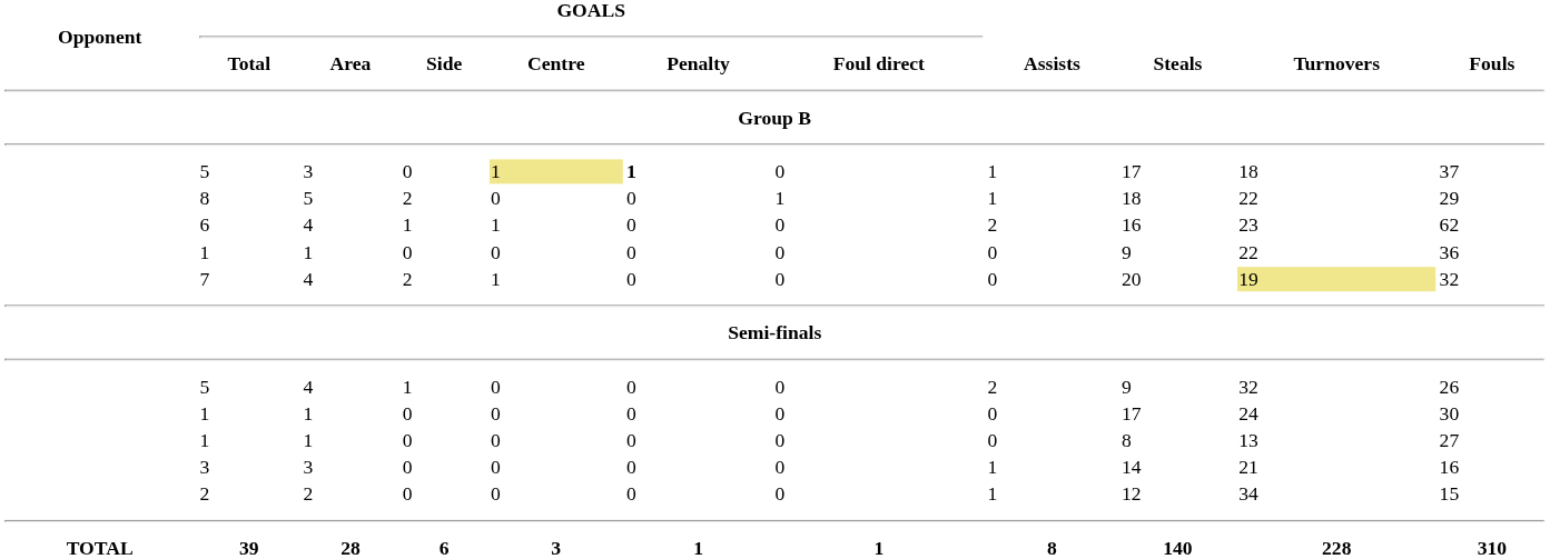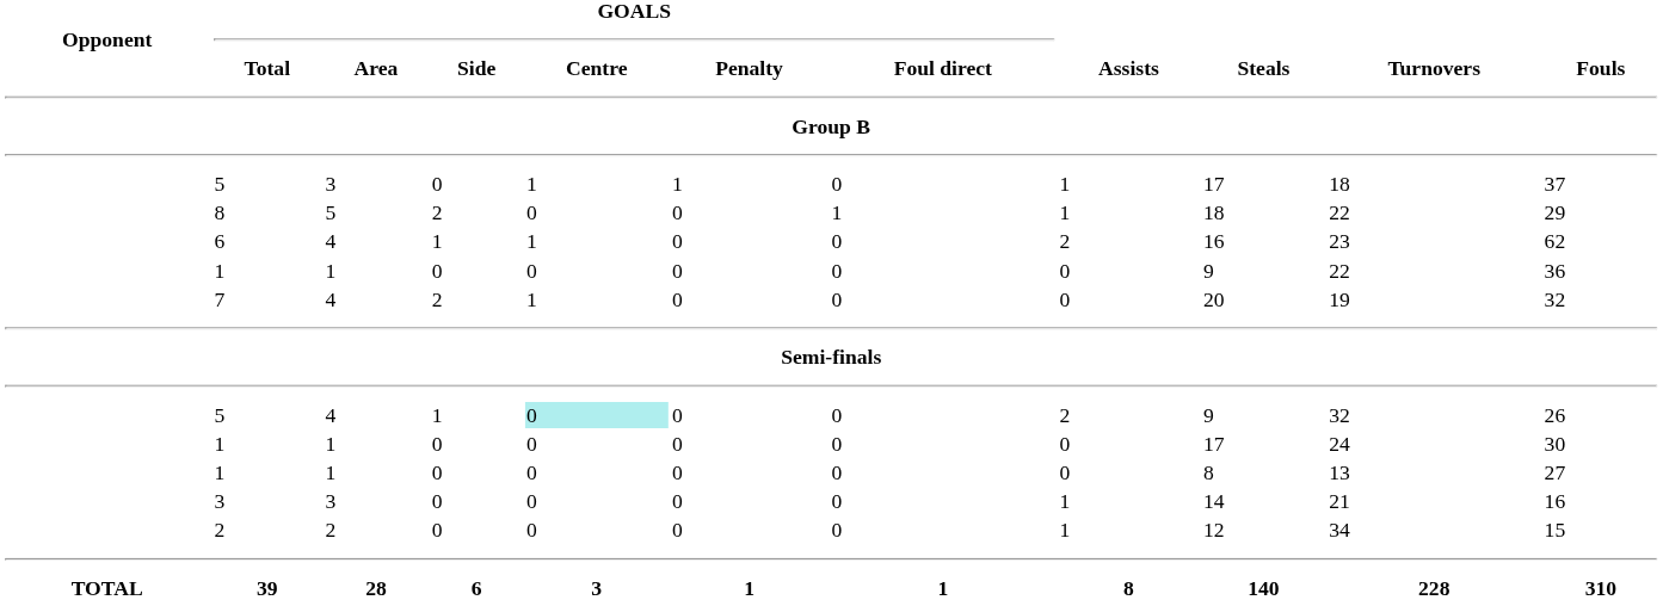 <table border=0 width=100%>
 <tr>
 <th rowspan=3>Opponent</th>
 <th align=center colspan=6 valign=bottom>GOALS</th>
 <th rowspan=3 valign=bottom>Assists</th>
 <th rowspan=3 valign=bottom>Steals</th>
 <th rowspan=3 valign=bottom>Turnovers</th>
 <th rowspan=3 valign=bottom>Fouls</th>
 </tr>
 <tr>
 <th colspan=6><hr></th>
 </tr>
 <tr>
 <th>Total</th>
 <th>Area</th>
 <th>Side</th>
 <th>Centre</th>
 <th>Penalty</th>
 <th>Foul direct</th>
 </tr>
 <tr>
 <th colspan=11><hr></th>
 </tr>
 <tr>
 <th colspan=11>Group B</th>
 </tr>
 <tr>
 <th colspan=11><hr></th>
 </tr>
 <tr>
 <td></td>
 <td>5</td>
 <td>3</td>
 <td>0</td>
-<td style="background: khaki;">1</td>
-<td><strong>1</strong></td>
+<td>1</td>
+<td>1</td>
 <td>0</td>
 <td>1</td>
 <td>17</td>
 <td>18</td>
 <td>37</td>
 </tr>
 <tr>
 <td></td>
 <td>8</td>
 <td>5</td>
 <td>2</td>
 <td>0</td>
 <td>0</td>
 <td>1</td>
 <td>1</td>
 <td>18</td>
 <td>22</td>
 <td>29</td>
 </tr>
 <tr>
 <td></td>
 <td>6</td>
 <td>4</td>
 <td>1</td>
 <td>1</td>
 <td>0</td>
 <td>0</td>
 <td>2</td>
 <td>16</td>
 <td>23</td>
 <td>62</td>
 </tr>
 <tr>
 <td></td>
 <td>1</td>
 <td>1</td>
 <td>0</td>
 <td>0</td>
 <td>0</td>
 <td>0</td>
 <td>0</td>
 <td>9</td>
 <td>22</td>
 <td>36</td>
 </tr>
 <tr>
 <td></td>
 <td>7</td>
 <td>4</td>
 <td>2</td>
 <td>1</td>
 <td>0</td>
 <td>0</td>
 <td>0</td>
 <td>20</td>
-<td style="background: khaki;">19</td>
+<td>19</td>
 <td>32</td>
 </tr>
 <tr>
 <th colspan=11><hr></th>
 </tr>
 <tr>
 <th colspan=11>Semi-finals</th>
 </tr>
 <tr>
 <th colspan=11><hr></th>
 </tr>
 <tr>
 <td></td>
 <td>5</td>
 <td>4</td>
 <td>1</td>
-<td>0</td>
+<td style="background: paleturquoise;">0</td>
 <td>0</td>
 <td>0</td>
 <td>2</td>
 <td>9</td>
 <td>32</td>
 <td>26</td>
 </tr>
 <tr>
 <td></td>
 <td>1</td>
 <td>1</td>
 <td>0</td>
 <td>0</td>
 <td>0</td>
 <td>0</td>
 <td>0</td>
 <td>17</td>
 <td>24</td>
 <td>30</td>
 </tr>
 <tr>
 <td></td>
 <td>1</td>
 <td>1</td>
 <td>0</td>
 <td>0</td>
 <td>0</td>
 <td>0</td>
 <td>0</td>
 <td>8</td>
 <td>13</td>
 <td>27</td>
 </tr>
 <tr>
 <td></td>
 <td>3</td>
 <td>3</td>
 <td>0</td>
 <td>0</td>
 <td>0</td>
 <td>0</td>
 <td>1</td>
 <td>14</td>
 <td>21</td>
 <td>16</td>
 </tr>
 <tr>
 <td></td>
 <td>2</td>
 <td>2</td>
 <td>0</td>
 <td>0</td>
 <td>0</td>
 <td>0</td>
 <td>1</td>
 <td>12</td>
 <td>34</td>
 <td>15</td>
 </tr>
 <tr>
 <th colspan=11><hr></th>
 </tr>
 <tr>
 <th>TOTAL</th>
 <th>39</th>
 <th>28</th>
 <th>6</th>
 <th>3</th>
 <th>1</th>
 <th>1</th>
 <th>8</th>
 <th>140</th>
 <th>228</th>
 <th>310</th>
 </tr>
 </table>
